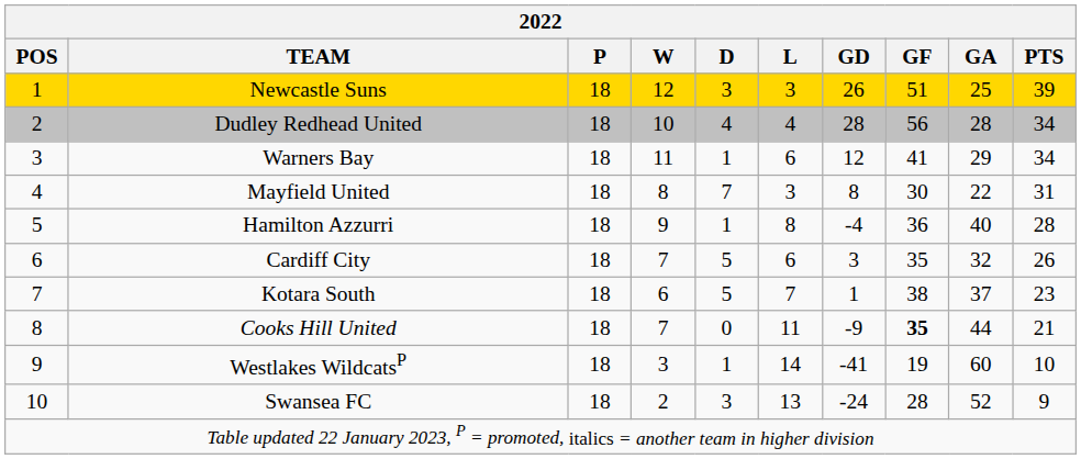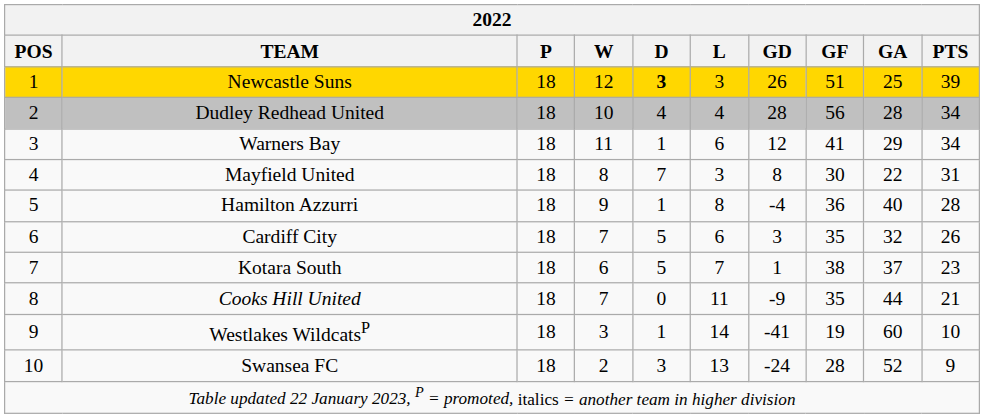 <table class="wikitable collapsible collapsed" style="text-align:center; min-width:50em; margin: 1em auto 1em auto;">
 <tr>
 <th colspan=10>2022</th>
 </tr>
 <tr>
 <th scope="col" width="40px">POS</th>
 <th scope="col">TEAM</th>
 <th scope="col" width="40px">P</th>
 <th scope="col" width="40px">W</th>
 <th scope="col" width="40px">D</th>
 <th scope="col" width="40px">L</th>
 <th scope="col" width="40px">GD</th>
 <th scope="col" width="40px">GF</th>
 <th scope="col" width="40px">GA</th>
 <th scope="col" width="40px">PTS</th>
 </tr>
 <tr style="background: gold;">
 <td 1>1</td>
 <td>Newcastle Suns</td>
 <td>18</td>
 <td>12</td>
-<td>3</td>
+<td><strong>3</strong></td>
 <td>3</td>
 <td>26</td>
 <td>51</td>
 <td>25</td>
 <td>39</td>
 </tr>
 <tr style="background: silver;">
 <td>2</td>
 <td>Dudley Redhead United</td>
 <td>18</td>
 <td>10</td>
 <td>4</td>
 <td>4</td>
 <td>28</td>
 <td>56</td>
 <td>28</td>
 <td>34</td>
 </tr>
 <tr>
 <td>3</td>
 <td>Warners Bay</td>
 <td>18</td>
 <td>11</td>
 <td>1</td>
 <td>6</td>
 <td>12</td>
 <td>41</td>
 <td>29</td>
 <td>34</td>
 </tr>
 <tr>
 <td>4</td>
 <td>Mayfield United</td>
 <td>18</td>
 <td>8</td>
 <td>7</td>
 <td>3</td>
 <td>8</td>
 <td>30</td>
 <td>22</td>
 <td>31</td>
 </tr>
 <tr>
 <td>5</td>
 <td>Hamilton Azzurri</td>
 <td>18</td>
 <td>9</td>
 <td>1</td>
 <td>8</td>
 <td>-4</td>
 <td>36</td>
 <td>40</td>
 <td>28</td>
 </tr>
 <tr>
 <td>6</td>
 <td>Cardiff City</td>
 <td>18</td>
 <td>7</td>
 <td>5</td>
 <td>6</td>
 <td>3</td>
 <td>35</td>
 <td>32</td>
 <td>26</td>
 </tr>
 <tr>
 <td>7</td>
 <td>Kotara South</td>
 <td>18</td>
 <td>6</td>
 <td>5</td>
 <td>7</td>
 <td>1</td>
 <td>38</td>
 <td>37</td>
 <td>23</td>
 </tr>
 <tr>
 <td>8</td>
 <td><em>Cooks Hill United</em></td>
 <td>18</td>
 <td>7</td>
 <td>0</td>
 <td>11</td>
 <td>-9</td>
-<td><strong>35</strong></td>
+<td>35</td>
 <td>44</td>
 <td>21</td>
 </tr>
 <tr>
 <td>9</td>
 <td>Westlakes Wildcats<sup>P</sup></td>
 <td>18</td>
 <td>3</td>
 <td>1</td>
 <td>14</td>
 <td>-41</td>
 <td>19</td>
 <td>60</td>
 <td>10</td>
 </tr>
 <tr>
 <td>10</td>
 <td>Swansea FC</td>
 <td>18</td>
 <td>2</td>
 <td>3</td>
 <td>13</td>
 <td>-24</td>
 <td>28</td>
 <td>52</td>
 <td>9</td>
 </tr>
 <tr>
 <td colspan=10 style="font-size:88%"><em>Table updated 22 January 2023, <sup>P</sup> = promoted, </em>italics<em> = another team in higher division</em></td>
 </tr>
 </table>
